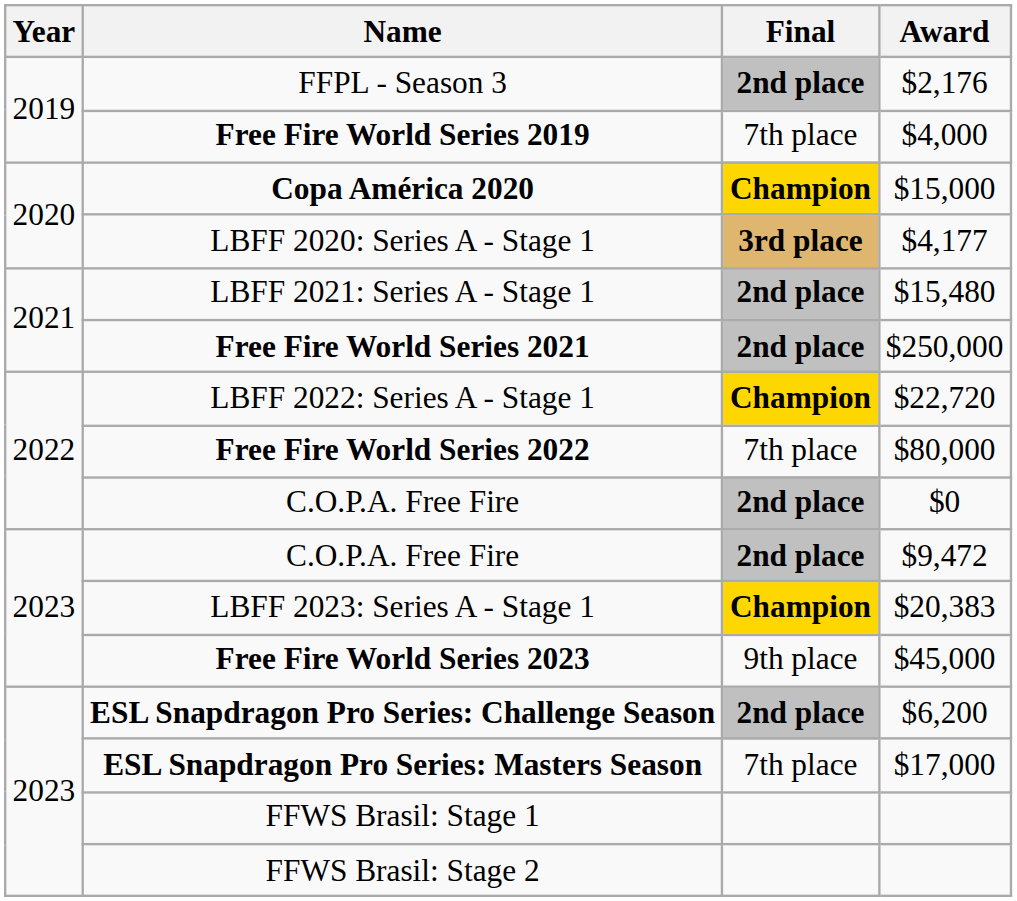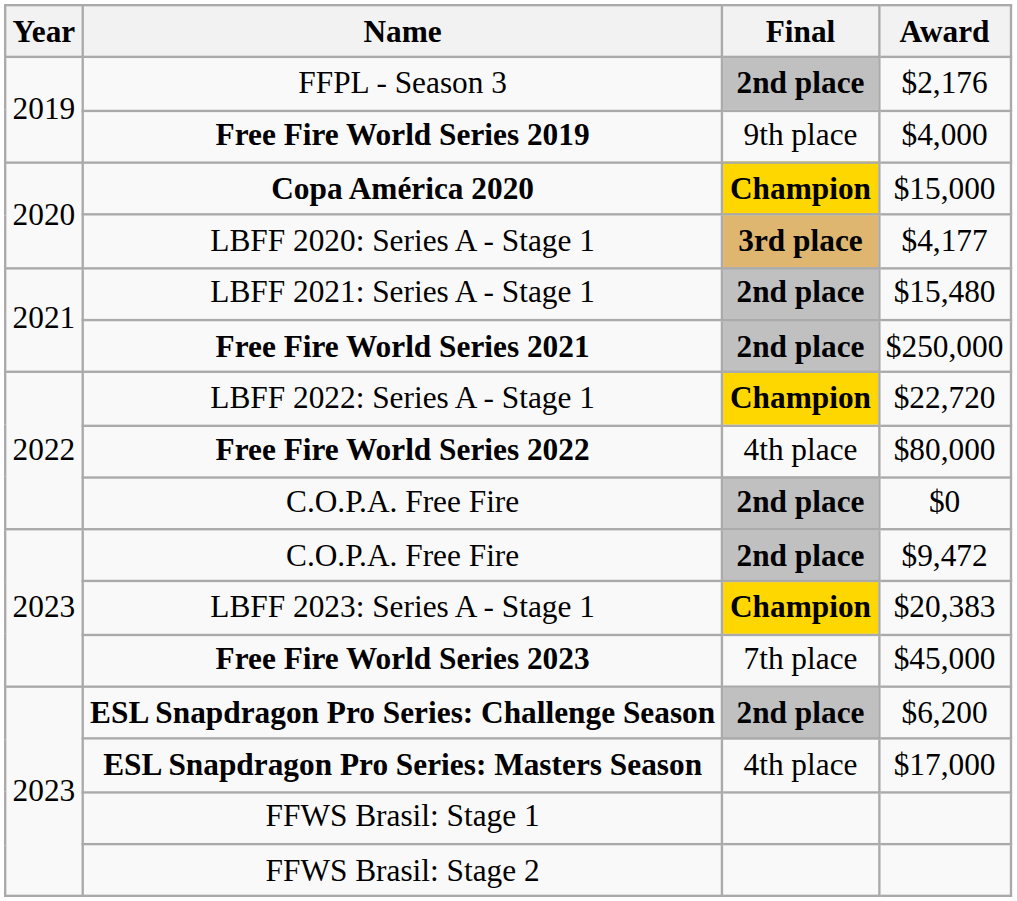 <table class="wikitable" style="text-align:center; font-size:smaller">
 <tr>
 <th>Year</th>
 <th>Name</th>
 <th>Final</th>
 <th>Award</th>
 </tr>
 <tr>
 <td rowspan="2">2019</td>
 <td>FFPL - Season 3</td>
 <td bgcolor=silver><strong>2nd place</strong></td>
 <td>$2,176</td>
 </tr>
 <tr>
 <td><strong>Free Fire World Series 2019</strong></td>
-<td>7th place</td>
+<td>9th place</td>
 <td>$4,000</td>
 </tr>
 <tr>
 <td rowspan="2">2020</td>
 <td><strong>Copa América 2020</strong></td>
 <td bgcolor=gold><strong>Champion</strong></td>
 <td>$15,000</td>
 </tr>
 <tr>
 <td>LBFF 2020: Series A - Stage 1</td>
 <td bgcolor="#deb67"><strong>3rd place</strong></td>
 <td>$4,177</td>
 </tr>
 <tr>
 <td rowspan="2">2021</td>
 <td>LBFF 2021: Series A - Stage 1</td>
 <td bgcolor=silver><strong>2nd place</strong></td>
 <td>$15,480</td>
 </tr>
 <tr>
 <td><strong>Free Fire World Series 2021</strong></td>
 <td bgcolor=silver><strong>2nd place</strong></td>
 <td>$250,000</td>
 </tr>
 <tr>
 <td rowspan="3">2022</td>
 <td>LBFF 2022: Series A - Stage 1</td>
 <td bgcolor=gold><strong>Champion</strong></td>
 <td>$22,720</td>
 </tr>
 <tr>
 <td><strong>Free Fire World Series 2022</strong></td>
-<td>7th place</td>
+<td>4th place</td>
 <td>$80,000</td>
 </tr>
 <tr>
 <td>C.O.P.A. Free Fire</td>
 <td bgcolor=silver><strong>2nd place</strong></td>
 <td>$0</td>
 </tr>
 <tr>
 <td rowspan="3">2023</td>
 <td>C.O.P.A. Free Fire</td>
 <td bgcolor=silver><strong>2nd place</strong></td>
 <td>$9,472</td>
 </tr>
 <tr>
 <td>LBFF 2023: Series A - Stage 1</td>
 <td bgcolor=gold><strong>Champion</strong></td>
 <td>$20,383</td>
 </tr>
 <tr>
 <td><strong>Free Fire World Series 2023</strong></td>
-<td>9th place</td>
+<td>7th place</td>
 <td>$45,000</td>
 </tr>
 <tr>
 <td rowspan="4">2023</td>
 <td><strong>ESL Snapdragon Pro Series: Challenge Season</strong></td>
 <td bgcolor=silver><strong>2nd place</strong></td>
 <td>$6,200</td>
 </tr>
 <tr>
 <td><strong>ESL Snapdragon Pro Series: Masters Season</strong></td>
-<td>7th place</td>
+<td>4th place</td>
 <td>$17,000</td>
 </tr>
 <tr>
 <td>FFWS Brasil: Stage 1</td>
 <td></td>
 <td></td>
 </tr>
 <tr>
 <td>FFWS Brasil: Stage 2</td>
 <td></td>
 <td></td>
 </tr>
 </table>
